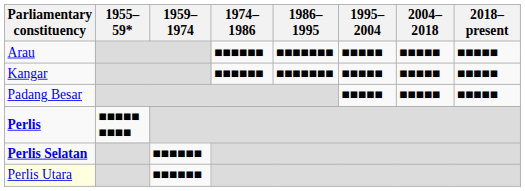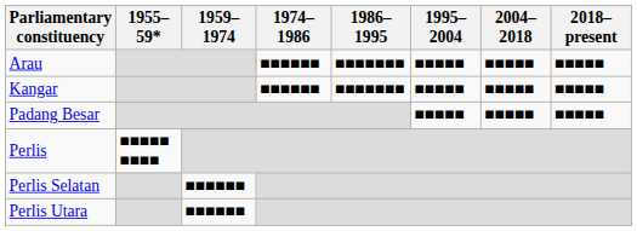 <table class=wikitable>
 <tr>
 <th>Parliamentary<br>constituency</th>
 <th>1955–59*</th>
 <th>1959–1974</th>
 <th>1974–1986</th>
 <th>1986–1995</th>
 <th>1995–2004</th>
 <th>2004–2018</th>
 <th>2018–present</th>
 </tr>
 <tr>
 <td><a href='#'>Arau</a></td>
 <td colspan="2" bgcolor="dcdcdc"></td>
 <td>■■■■■■</td>
 <td>■■■■■■■</td>
 <td>■■■■■</td>
 <td>■■■■■</td>
 <td>■■■■■</td>
 </tr>
 <tr>
 <td><a href='#'>Kangar</a></td>
 <td colspan="2" bgcolor="dcdcdc"></td>
 <td>■■■■■■</td>
 <td>■■■■■■■</td>
 <td>■■■■■</td>
 <td>■■■■■</td>
 <td>■■■■■</td>
 </tr>
 <tr>
 <td><a href='#'>Padang Besar</a></td>
 <td colspan="4" bgcolor="dcdcdc"></td>
 <td>■■■■■</td>
 <td>■■■■■</td>
 <td>■■■■■</td>
 </tr>
 <tr>
-<td><strong><a href='#'>Perlis</a></strong></td>
+<td><a href='#'>Perlis</a></td>
 <td>■■■■■<br>■■■■</td>
 <td colspan=6 bgcolor=dcdcdc></td>
 </tr>
 <tr>
-<td><strong><a href='#'>Perlis Selatan</a></strong></td>
+<td><a href='#'>Perlis Selatan</a></td>
 <td bgcolor="dcdcdc"></td>
 <td>■■■■■■</td>
 <td colspan=5 bgcolor=dcdcdc></td>
 </tr>
 <tr>
-<td style="background: lightyellow;"><a href='#'>Perlis Utara</a></td>
+<td><a href='#'>Perlis Utara</a></td>
 <td bgcolor="dcdcdc"></td>
 <td>■■■■■■</td>
 <td colspan=5 bgcolor=dcdcdc></td>
 </tr>
 </table>
